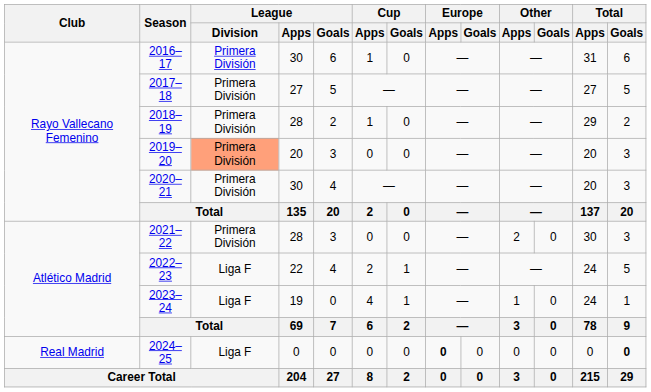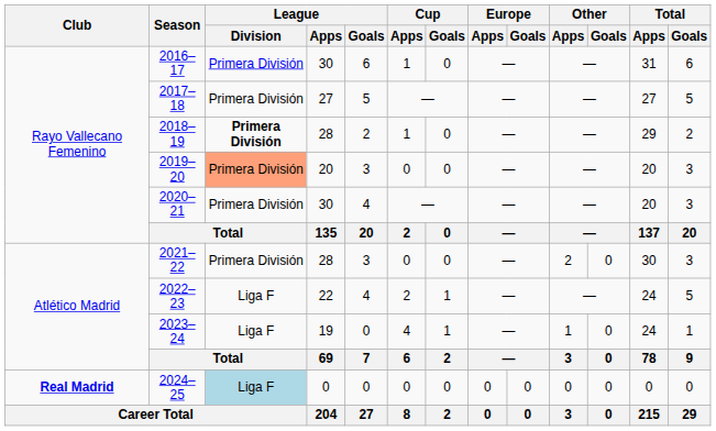 <table class="wikitable" style="text-align:center">
 <tr>
 <th rowspan="2">Club</th>
 <th rowspan="2">Season</th>
 <th colspan="3">League</th>
 <th colspan="2">Cup</th>
 <th colspan="2">Europe</th>
 <th colspan="2">Other</th>
 <th colspan="2">Total</th>
 </tr>
 <tr>
 <th>Division</th>
 <th>Apps</th>
 <th>Goals</th>
 <th>Apps</th>
 <th>Goals</th>
 <th>Apps</th>
 <th>Goals</th>
 <th>Apps</th>
 <th>Goals</th>
 <th>Apps</th>
 <th>Goals</th>
 </tr>
 <tr>
 <td rowspan="6"><a href='#'>Rayo Vallecano Femenino</a></td>
 <td><a href='#'>2016–17</a></td>
 <td><a href='#'>Primera División</a></td>
 <td>30</td>
 <td>6</td>
 <td>1</td>
 <td>0</td>
 <td colspan="2">—</td>
 <td colspan="2">—</td>
 <td>31</td>
 <td>6</td>
 </tr>
 <tr>
 <td><a href='#'>2017–18</a></td>
 <td>Primera División</td>
 <td>27</td>
 <td>5</td>
 <td colspan="2">—</td>
 <td colspan="2">—</td>
 <td colspan="2">—</td>
 <td>27</td>
 <td>5</td>
 </tr>
 <tr>
 <td><a href='#'>2018–19</a></td>
-<td>Primera División</td>
+<td><strong>Primera División</strong></td>
 <td>28</td>
 <td>2</td>
 <td>1</td>
 <td>0</td>
 <td colspan="2">—</td>
 <td colspan="2">—</td>
 <td>29</td>
 <td>2</td>
 </tr>
 <tr>
 <td><a href='#'>2019–20</a></td>
 <td style="background: lightsalmon;">Primera División</td>
 <td>20</td>
 <td>3</td>
 <td>0</td>
 <td>0</td>
 <td colspan="2">—</td>
 <td colspan="2">—</td>
 <td>20</td>
 <td>3</td>
 </tr>
 <tr>
 <td><a href='#'>2020–21</a></td>
 <td>Primera División</td>
 <td>30</td>
 <td>4</td>
 <td colspan="2">—</td>
 <td colspan="2">—</td>
 <td colspan="2">—</td>
 <td>20</td>
 <td>3</td>
 </tr>
 <tr>
 <th colspan="2">Total</th>
 <th>135</th>
 <th>20</th>
 <th>2</th>
 <th>0</th>
 <th colspan="2">—</th>
 <th colspan="2">—</th>
 <th>137</th>
 <th>20</th>
 </tr>
 <tr>
 <td rowspan="4"><a href='#'>Atlético Madrid</a></td>
 <td><a href='#'>2021–22</a></td>
 <td>Primera División</td>
 <td>28</td>
 <td>3</td>
 <td>0</td>
 <td>0</td>
 <td colspan="2">—</td>
 <td>2</td>
 <td>0</td>
 <td>30</td>
 <td>3</td>
 </tr>
 <tr>
 <td><a href='#'>2022–23</a></td>
 <td>Liga F</td>
 <td>22</td>
 <td>4</td>
 <td>2</td>
 <td>1</td>
 <td colspan="2">—</td>
 <td colspan="2">—</td>
 <td>24</td>
 <td>5</td>
 </tr>
 <tr>
 <td><a href='#'>2023–24</a></td>
 <td>Liga F</td>
 <td>19</td>
 <td>0</td>
 <td>4</td>
 <td>1</td>
 <td colspan="2">—</td>
 <td>1</td>
 <td>0</td>
 <td>24</td>
 <td>1</td>
 </tr>
 <tr>
 <th colspan="2">Total</th>
 <th>69</th>
 <th>7</th>
 <th>6</th>
 <th>2</th>
 <th colspan="2">—</th>
 <th>3</th>
 <th>0</th>
 <th>78</th>
 <th>9</th>
 </tr>
 <tr>
-<td><a href='#'>Real Madrid</a></td>
+<td><strong><a href='#'>Real Madrid</a></strong></td>
 <td><a href='#'>2024–25</a></td>
-<td>Liga F</td>
+<td style="background: lightblue;">Liga F</td>
 <td>0</td>
 <td>0</td>
 <td>0</td>
 <td>0</td>
-<td><strong>0</strong></td>
 <td>0</td>
 <td>0</td>
 <td>0</td>
 <td>0</td>
-<td><strong>0</strong></td>
+<td>0</td>
+<td>0</td>
 </tr>
 <tr>
 <th colspan="3">Career Total</th>
 <th>204</th>
 <th>27</th>
 <th>8</th>
 <th>2</th>
 <th>0</th>
 <th>0</th>
 <th>3</th>
 <th>0</th>
 <th>215</th>
 <th>29</th>
 </tr>
 </table>
